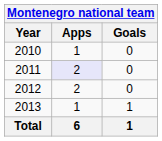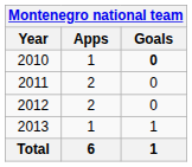 <table class="wikitable" style="text-align:center">
 <tr>
 <th colspan=3><a href='#'>Montenegro national team</a></th>
 </tr>
 <tr>
 <th>Year</th>
 <th>Apps</th>
 <th>Goals</th>
 </tr>
 <tr>
 <td>2010</td>
 <td>1</td>
-<td>0</td>
+<td><strong>0</strong></td>
 </tr>
 <tr>
 <td>2011</td>
-<td style="background: lavender;">2</td>
+<td>2</td>
 <td>0</td>
 </tr>
 <tr>
 <td>2012</td>
 <td>2</td>
 <td>0</td>
 </tr>
 <tr>
 <td>2013</td>
 <td>1</td>
 <td>1</td>
 </tr>
 <tr>
 <th>Total</th>
 <th>6</th>
 <th>1</th>
 </tr>
 </table>
